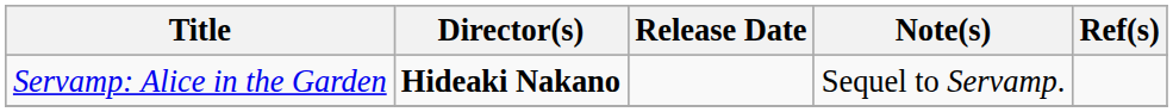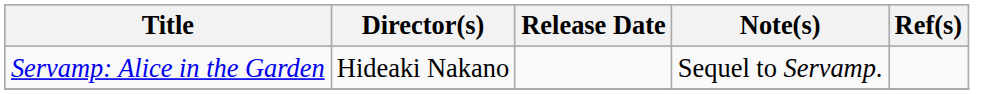 <table class="wikitable sortable">
 <tr>
 <th scope="col">Title</th>
 <th scope="col">Director(s)</th>
 <th scope="col">Release Date</th>
 <th scope="col" class="unsortable">Note(s)</th>
 <th scope="col" class="unsortable">Ref(s)</th>
 </tr>
 <tr>
 <td><em><a href='#'>Servamp: Alice in the Garden</a></em></td>
-<td><strong>Hideaki Nakano</strong></td>
+<td>Hideaki Nakano</td>
 <td></td>
 <td>Sequel to <em>Servamp</em>.</td>
 <td style="text-align:center"></td>
 </tr>
 <tr>
 </tr>
 </table>
